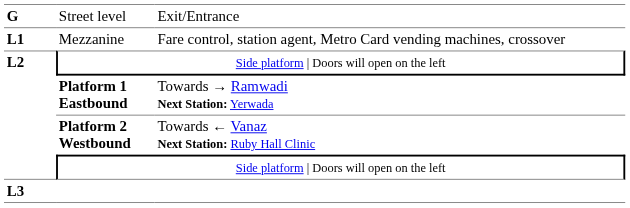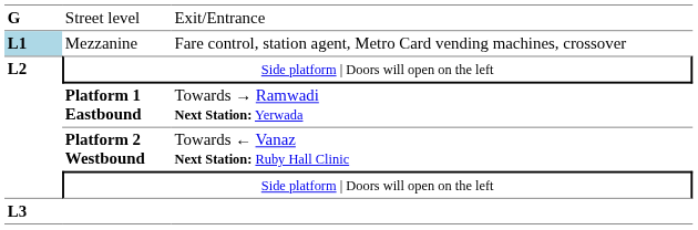 <table table border=0 cellspacing=0 cellpadding=3>
 <tr>
 <td style="border-bottom:solid 1px grey;border-top:solid 1px grey;" width=50 valign=top><strong>G</strong></td>
 <td style="border-top:solid 1px grey;border-bottom:solid 1px grey;" width=100 valign=top>Street level</td>
 <td style="border-top:solid 1px grey;border-bottom:solid 1px grey;" width=500 valign=top>Exit/Entrance</td>
 </tr>
 <tr>
-<td valign=top><strong>L1</strong></td>
+<td valign=top style="background: lightblue;"><strong>L1</strong></td>
 <td valign=top>Mezzanine</td>
 <td valign=top>Fare control, station agent, Metro Card vending machines, crossover<br></td>
 </tr>
 <tr>
 <td style="border-top:solid 1px grey;border-bottom:solid 1px grey;" width=50 rowspan=4 valign=top><strong>L2</strong></td>
 <td style="border-top:solid 1px grey;border-right:solid 2px black;border-left:solid 2px black;border-bottom:solid 2px black;text-align:center;" colspan=2><small><a href='#'>Side platform</a> | Doors will open on the left </small></td>
 </tr>
 <tr>
 <td style="border-bottom:solid 1px grey;" width=100><span><strong>Platform 1</strong><br><strong>Eastbound</strong></span></td>
 <td style="border-bottom:solid 1px grey;" width=500>Towards → <a href='#'>Ramwadi</a><br><small><strong>Next Station:</strong> <a href='#'>Yerwada</a></small></td>
 </tr>
 <tr>
 <td><span><strong>Platform 2</strong><br><strong>Westbound</strong></span></td>
 <td>Towards ← <a href='#'>Vanaz</a><br><small><strong>Next Station:</strong> <a href='#'>Ruby Hall Clinic</a></small></td>
 </tr>
 <tr>
 <td style="border-top:solid 2px black;border-right:solid 2px black;border-left:solid 2px black;border-bottom:solid 1px grey;" colspan=2  align=center><small><a href='#'>Side platform</a> | Doors will open on the left </small></td>
 </tr>
 <tr>
 <td style="border-bottom:solid 1px grey;" width=50 rowspan=2 valign=top><strong>L3</strong></td>
 <td style="border-bottom:solid 1px grey;" width=100></td>
 <td style="border-bottom:solid 1px grey;" width=500></td>
 </tr>
 <tr>
 </tr>
 </table>
